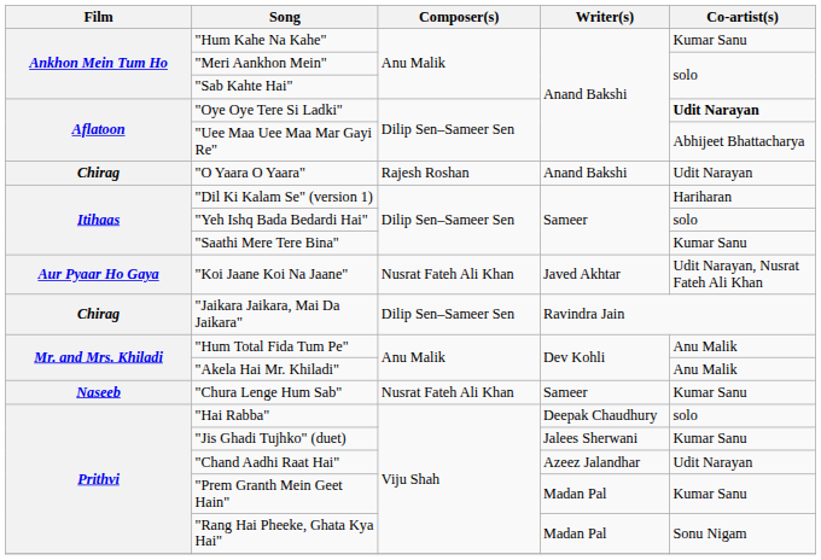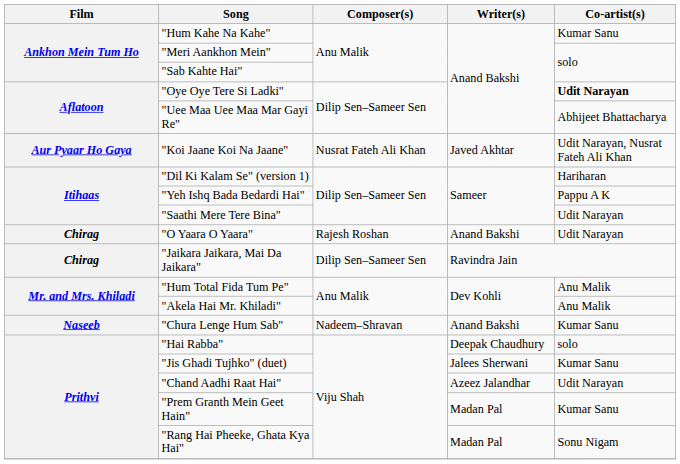 <table class="wikitable plainrowheaders" style="width:100%; textcolor:#000">
 <tr style="background:#b0e0e66;">
 <th scope="col" style="width:23%;"><strong>Film</strong></th>
 <th scope="col" style="width:23%;"><strong>Song</strong></th>
 <th scope="col" style="width:20%;"><strong>Composer(s)</strong></th>
 <th scope="col" style="width:16%;"><strong>Writer(s)</strong></th>
 <th scope="col" style="width:18%;"><strong>Co-artist(s)</strong></th>
 </tr>
 <tr>
 <th Rowspan=3><em><a href='#'>Ankhon Mein Tum Ho</a></em></th>
 <td>"Hum Kahe Na Kahe"</td>
 <td rowspan=3>Anu Malik</td>
 <td rowspan=5>Anand Bakshi</td>
 <td>Kumar Sanu</td>
 </tr>
 <tr>
 <td>"Meri Aankhon Mein"</td>
 <td rowspan=2>solo</td>
 </tr>
 <tr>
 <td>"Sab Kahte Hai"</td>
 </tr>
 <tr>
 <th Rowspan=2><em><a href='#'>Aflatoon</a></em></th>
 <td>"Oye Oye Tere Si Ladki"</td>
 <td rowspan=2>Dilip Sen–Sameer Sen</td>
 <td><strong>Udit Narayan</strong></td>
 </tr>
 <tr>
 <td>"Uee Maa Uee Maa Mar Gayi Re"</td>
 <td>Abhijeet Bhattacharya</td>
 </tr>
 <tr>
-<th><em>Chirag</em></th>
-<td>"O Yaara O Yaara"</td>
-<td>Rajesh Roshan</td>
-<td>Anand Bakshi</td>
-<td>Udit Narayan</td>
+<th><em><a href='#'>Aur Pyaar Ho Gaya</a></em></th>
+<td>"Koi Jaane Koi Na Jaane"</td>
+<td>Nusrat Fateh Ali Khan</td>
+<td>Javed Akhtar</td>
+<td>Udit Narayan, Nusrat Fateh Ali Khan</td>
 </tr>
 <tr>
 <th Rowspan=3><em><a href='#'>Itihaas</a></em></th>
 <td>"Dil Ki Kalam Se" (version 1)</td>
 <td rowspan=3>Dilip Sen–Sameer Sen</td>
 <td rowspan=3>Sameer</td>
 <td>Hariharan</td>
 </tr>
 <tr>
 <td>"Yeh Ishq Bada Bedardi Hai"</td>
-<td>solo</td>
+<td>Pappu A K</td>
 </tr>
 <tr>
 <td>"Saathi Mere Tere Bina"</td>
-<td>Kumar Sanu</td>
+<td>Udit Narayan</td>
 </tr>
 <tr>
-<th><em><a href='#'>Aur Pyaar Ho Gaya</a></em></th>
-<td>"Koi Jaane Koi Na Jaane"</td>
-<td>Nusrat Fateh Ali Khan</td>
-<td>Javed Akhtar</td>
-<td>Udit Narayan, Nusrat Fateh Ali Khan</td>
+<th><em>Chirag</em></th>
+<td>"O Yaara O Yaara"</td>
+<td>Rajesh Roshan</td>
+<td>Anand Bakshi</td>
+<td>Udit Narayan</td>
 </tr>
 <tr>
 <th><em>Chirag</em></th>
 <td>"Jaikara Jaikara, Mai Da Jaikara"</td>
 <td>Dilip Sen–Sameer Sen</td>
 <td colspan=2>Ravindra Jain</td>
 </tr>
 <tr>
 <th rowspan=2><em><a href='#'>Mr. and Mrs. Khiladi</a></em></th>
 <td>"Hum Total Fida Tum Pe"</td>
 <td Rowspan=2>Anu Malik</td>
 <td Rowspan=2>Dev Kohli</td>
 <td>Anu Malik</td>
 </tr>
 <tr>
 <td>"Akela Hai Mr. Khiladi"</td>
 <td>Anu Malik</td>
 </tr>
 <tr>
 <th Rowspan=><em><a href='#'>Naseeb</a></em></th>
 <td>"Chura Lenge Hum Sab"</td>
-<td>Nusrat Fateh Ali Khan</td>
-<td>Sameer</td>
+<td>Nadeem–Shravan</td>
+<td>Anand Bakshi</td>
 <td>Kumar Sanu</td>
 </tr>
 <tr>
 <th Rowspan=5><em><a href='#'>Prithvi</a></em></th>
 <td>"Hai Rabba"</td>
 <td rowspan=5>Viju Shah</td>
 <td>Deepak Chaudhury</td>
 <td>solo</td>
 </tr>
 <tr>
 <td>"Jis Ghadi Tujhko" (duet)</td>
 <td>Jalees Sherwani</td>
 <td>Kumar Sanu</td>
 </tr>
 <tr>
 <td>"Chand Aadhi Raat Hai"</td>
 <td>Azeez Jalandhar</td>
 <td>Udit Narayan</td>
 </tr>
 <tr>
 <td>"Prem Granth Mein Geet Hain"</td>
 <td>Madan Pal</td>
 <td>Kumar Sanu</td>
 </tr>
 <tr>
 <td>"Rang Hai Pheeke, Ghata Kya Hai"</td>
 <td>Madan Pal</td>
 <td>Sonu Nigam</td>
 </tr>
 <tr>
 </tr>
 </table>
